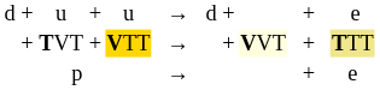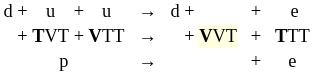 <table>
 <tr style="text-align:center;">
 <td>d</td>
 <td>+</td>
 <td>u</td>
 <td>+</td>
 <td>u</td>
 <td>→</td>
 <td>d</td>
 <td>+</td>
 <td></td>
 <td>+</td>
 <td> e</td>
 <td><br></td>
 </tr>
 <tr style="text-align:center;">
 <td></td>
 <td>+</td>
 <td><strong>T</strong>VT</td>
 <td>+</td>
-<td style="background: gold;"><strong>V</strong>TT</td>
+<td><strong>V</strong>TT</td>
 <td>→</td>
 <td></td>
 <td>+</td>
 <td style="background: lightyellow;"><strong>V</strong>VT</td>
 <td>+</td>
-<td style="background: khaki;"><strong>T</strong>TT</td>
+<td><strong>T</strong>TT</td>
 <td></td>
 </tr>
 <tr style="text-align:center;">
 <td colspan=5>p</td>
 <td>  →  </td>
 <td colspan=3></td>
 <td>  +  </td>
 <td>e</td>
 <td></td>
 </tr>
 </table>
